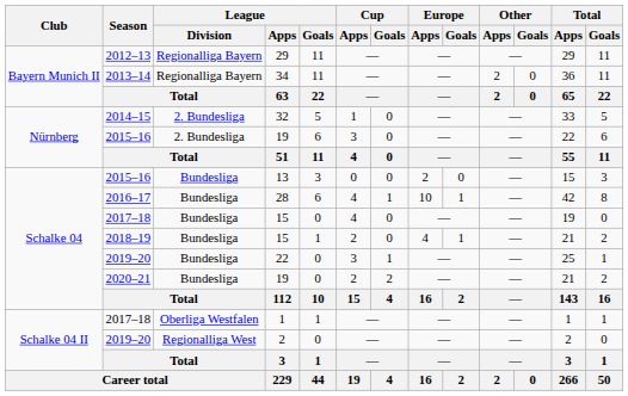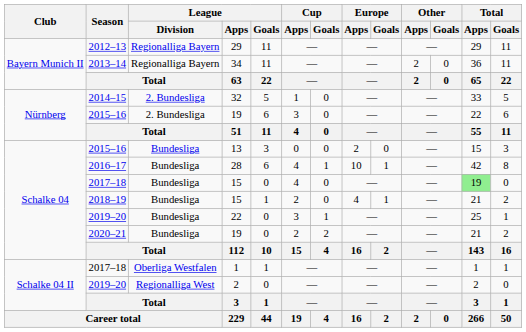 <table class="wikitable" style="text-align:center">
 <tr>
 <th rowspan="2">Club</th>
 <th rowspan="2">Season</th>
 <th colspan="3">League</th>
 <th colspan="2">Cup</th>
 <th colspan="2">Europe</th>
 <th colspan="2">Other</th>
 <th colspan="2">Total</th>
 </tr>
 <tr>
 <th>Division</th>
 <th>Apps</th>
 <th>Goals</th>
 <th>Apps</th>
 <th>Goals</th>
 <th>Apps</th>
 <th>Goals</th>
 <th>Apps</th>
 <th>Goals</th>
 <th>Apps</th>
 <th>Goals</th>
 </tr>
 <tr>
 <td rowspan="3"><a href='#'>Bayern Munich II</a></td>
 <td><a href='#'>2012–13</a></td>
 <td><a href='#'>Regionalliga Bayern</a></td>
 <td>29</td>
 <td>11</td>
 <td colspan="2">—</td>
 <td colspan="2">—</td>
 <td colspan="2">—</td>
 <td>29</td>
 <td>11</td>
 </tr>
 <tr>
 <td><a href='#'>2013–14</a></td>
 <td>Regionalliga Bayern</td>
 <td>34</td>
 <td>11</td>
 <td colspan="2">—</td>
 <td colspan="2">—</td>
 <td>2</td>
 <td>0</td>
 <td>36</td>
 <td>11</td>
 </tr>
 <tr>
 <th colspan="2">Total</th>
 <th>63</th>
 <th>22</th>
 <th colspan="2">—</th>
 <th colspan="2">—</th>
 <th>2</th>
 <th>0</th>
 <th>65</th>
 <th>22</th>
 </tr>
 <tr>
 <td rowspan="3"><a href='#'>Nürnberg</a></td>
 <td><a href='#'>2014–15</a></td>
 <td><a href='#'>2. Bundesliga</a></td>
 <td>32</td>
 <td>5</td>
 <td>1</td>
 <td>0</td>
 <td colspan="2">—</td>
 <td colspan="2">—</td>
 <td>33</td>
 <td>5</td>
 </tr>
 <tr>
 <td><a href='#'>2015–16</a></td>
 <td>2. Bundesliga</td>
 <td>19</td>
 <td>6</td>
 <td>3</td>
 <td>0</td>
 <td colspan="2">—</td>
 <td colspan="2">—</td>
 <td>22</td>
 <td>6</td>
 </tr>
 <tr>
 <th colspan="2">Total</th>
 <th>51</th>
 <th>11</th>
 <th>4</th>
 <th>0</th>
 <th colspan="2">—</th>
 <th colspan="2">—</th>
 <th>55</th>
 <th>11</th>
 </tr>
 <tr>
 <td rowspan="7"><a href='#'>Schalke 04</a></td>
 <td><a href='#'>2015–16</a></td>
 <td><a href='#'>Bundesliga</a></td>
 <td>13</td>
 <td>3</td>
 <td>0</td>
 <td>0</td>
 <td>2</td>
 <td>0</td>
 <td colspan="2">—</td>
 <td>15</td>
 <td>3</td>
 </tr>
 <tr>
 <td><a href='#'>2016–17</a></td>
 <td>Bundesliga</td>
 <td>28</td>
 <td>6</td>
 <td>4</td>
 <td>1</td>
 <td>10</td>
 <td>1</td>
 <td colspan="2">—</td>
 <td>42</td>
 <td>8</td>
 </tr>
 <tr>
 <td><a href='#'>2017–18</a></td>
 <td>Bundesliga</td>
 <td>15</td>
 <td>0</td>
 <td>4</td>
 <td>0</td>
 <td colspan="2">—</td>
 <td colspan="2">—</td>
-<td>19</td>
+<td style="background: lightgreen;">19</td>
 <td>0</td>
 </tr>
 <tr>
 <td><a href='#'>2018–19</a></td>
 <td>Bundesliga</td>
 <td>15</td>
 <td>1</td>
 <td>2</td>
 <td>0</td>
 <td>4</td>
 <td>1</td>
 <td colspan="2">—</td>
 <td>21</td>
 <td>2</td>
 </tr>
 <tr>
 <td><a href='#'>2019–20</a></td>
 <td>Bundesliga</td>
 <td>22</td>
 <td>0</td>
 <td>3</td>
 <td>1</td>
 <td colspan="2">—</td>
 <td colspan="2">—</td>
 <td>25</td>
 <td>1</td>
 </tr>
 <tr>
 <td><a href='#'>2020–21</a></td>
 <td>Bundesliga</td>
 <td>19</td>
 <td>0</td>
 <td>2</td>
 <td>2</td>
 <td colspan="2">—</td>
 <td colspan="2">—</td>
 <td>21</td>
 <td>2</td>
 </tr>
 <tr>
 <th colspan="2">Total</th>
 <th>112</th>
 <th>10</th>
 <th>15</th>
 <th>4</th>
 <th>16</th>
 <th>2</th>
 <th colspan="2">—</th>
 <th>143</th>
 <th>16</th>
 </tr>
 <tr>
 <td rowspan="3"><a href='#'>Schalke 04 II</a></td>
 <td>2017–18</td>
 <td><a href='#'>Oberliga Westfalen</a></td>
 <td>1</td>
 <td>1</td>
 <td colspan="2">—</td>
 <td colspan="2">—</td>
 <td colspan="2">—</td>
 <td>1</td>
 <td>1</td>
 </tr>
 <tr>
 <td><a href='#'>2019–20</a></td>
 <td><a href='#'>Regionalliga West</a></td>
 <td>2</td>
 <td>0</td>
 <td colspan="2">—</td>
 <td colspan="2">—</td>
 <td colspan="2">—</td>
 <td>2</td>
 <td>0</td>
 </tr>
 <tr>
 <th colspan="2">Total</th>
 <th>3</th>
 <th>1</th>
 <th colspan="2">—</th>
 <th colspan="2">—</th>
 <th colspan="2">—</th>
 <th>3</th>
 <th>1</th>
 </tr>
 <tr>
 <th colspan="3">Career total</th>
 <th>229</th>
 <th>44</th>
 <th>19</th>
 <th>4</th>
 <th>16</th>
 <th>2</th>
 <th>2</th>
 <th>0</th>
 <th>266</th>
 <th>50</th>
 </tr>
 </table>
